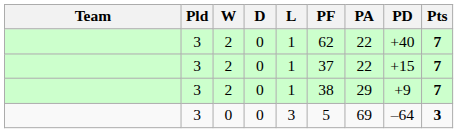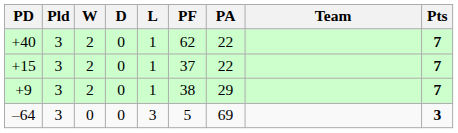 <table class="wikitable" style="text-align:center;">
 <tr>
-<th width=175>Team</th>
+<th width=32 abbr="Points difference">PD</th>
 <th width=25 abbr="Played">Pld</th>
 <th width=25 abbr="Won">W</th>
 <th width=25 abbr="Drawn">D</th>
 <th width=25 abbr="Lost">L</th>
 <th width=32 abbr="Points for">PF</th>
 <th width=32 abbr="Points against">PA</th>
-<th width=32 abbr="Points difference">PD</th>
+<th width=175>Team</th>
 <th width=25 abbr="Points">Pts</th>
 </tr>
 <tr bgcolor=ccffcc>
-<td align=left></td>
+<td>+40</td>
 <td>3</td>
 <td>2</td>
 <td>0</td>
 <td>1</td>
 <td>62</td>
 <td>22</td>
-<td>+40</td>
+<td align=left></td>
 <td><strong>7</strong></td>
 </tr>
 <tr bgcolor=ccffcc>
-<td align=left></td>
+<td>+15</td>
 <td>3</td>
 <td>2</td>
 <td>0</td>
 <td>1</td>
 <td>37</td>
 <td>22</td>
-<td>+15</td>
+<td align=left></td>
 <td><strong>7</strong></td>
 </tr>
 <tr bgcolor=ccffcc>
-<td align=left></td>
+<td>+9</td>
 <td>3</td>
 <td>2</td>
 <td>0</td>
 <td>1</td>
 <td>38</td>
 <td>29</td>
-<td>+9</td>
+<td align=left></td>
 <td><strong>7</strong></td>
 </tr>
 <tr>
-<td align=left></td>
+<td>–64</td>
 <td>3</td>
 <td>0</td>
 <td>0</td>
 <td>3</td>
 <td>5</td>
 <td>69</td>
-<td>–64</td>
+<td align=left></td>
 <td><strong>3</strong></td>
 </tr>
 </table>
